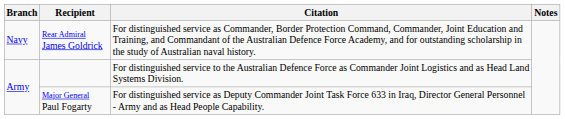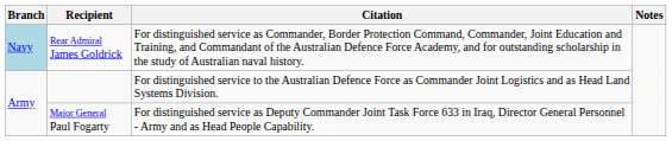 <table class="wikitable" style="font-size:95%;">
 <tr>
 <th>Branch</th>
 <th>Recipient</th>
 <th>Citation</th>
 <th>Notes</th>
 </tr>
 <tr>
-<td><a href='#'>Navy</a></td>
+<td style="background: lightblue;"><a href='#'>Navy</a></td>
 <td><small><a href='#'>Rear Admiral</a></small> <a href='#'>James Goldrick</a></td>
 <td>For distinguished service as Commander, Border Protection Command, Commander, Joint Education and Training, and Commandant of the Australian Defence Force Academy, and for outstanding scholarship in the study of Australian naval history.</td>
 <td rowspan=3></td>
 </tr>
 <tr>
 <td rowspan="2"><a href='#'>Army</a></td>
 <td></td>
 <td>For distinguished service to the Australian Defence Force as Commander Joint Logistics and as Head Land Systems Division.</td>
 </tr>
 <tr>
 <td><small><a href='#'>Major General</a></small> Paul Fogarty</td>
 <td>For distinguished service as Deputy Commander Joint Task Force 633 in Iraq, Director General Personnel - Army and as Head People Capability.</td>
 </tr>
 </table>
